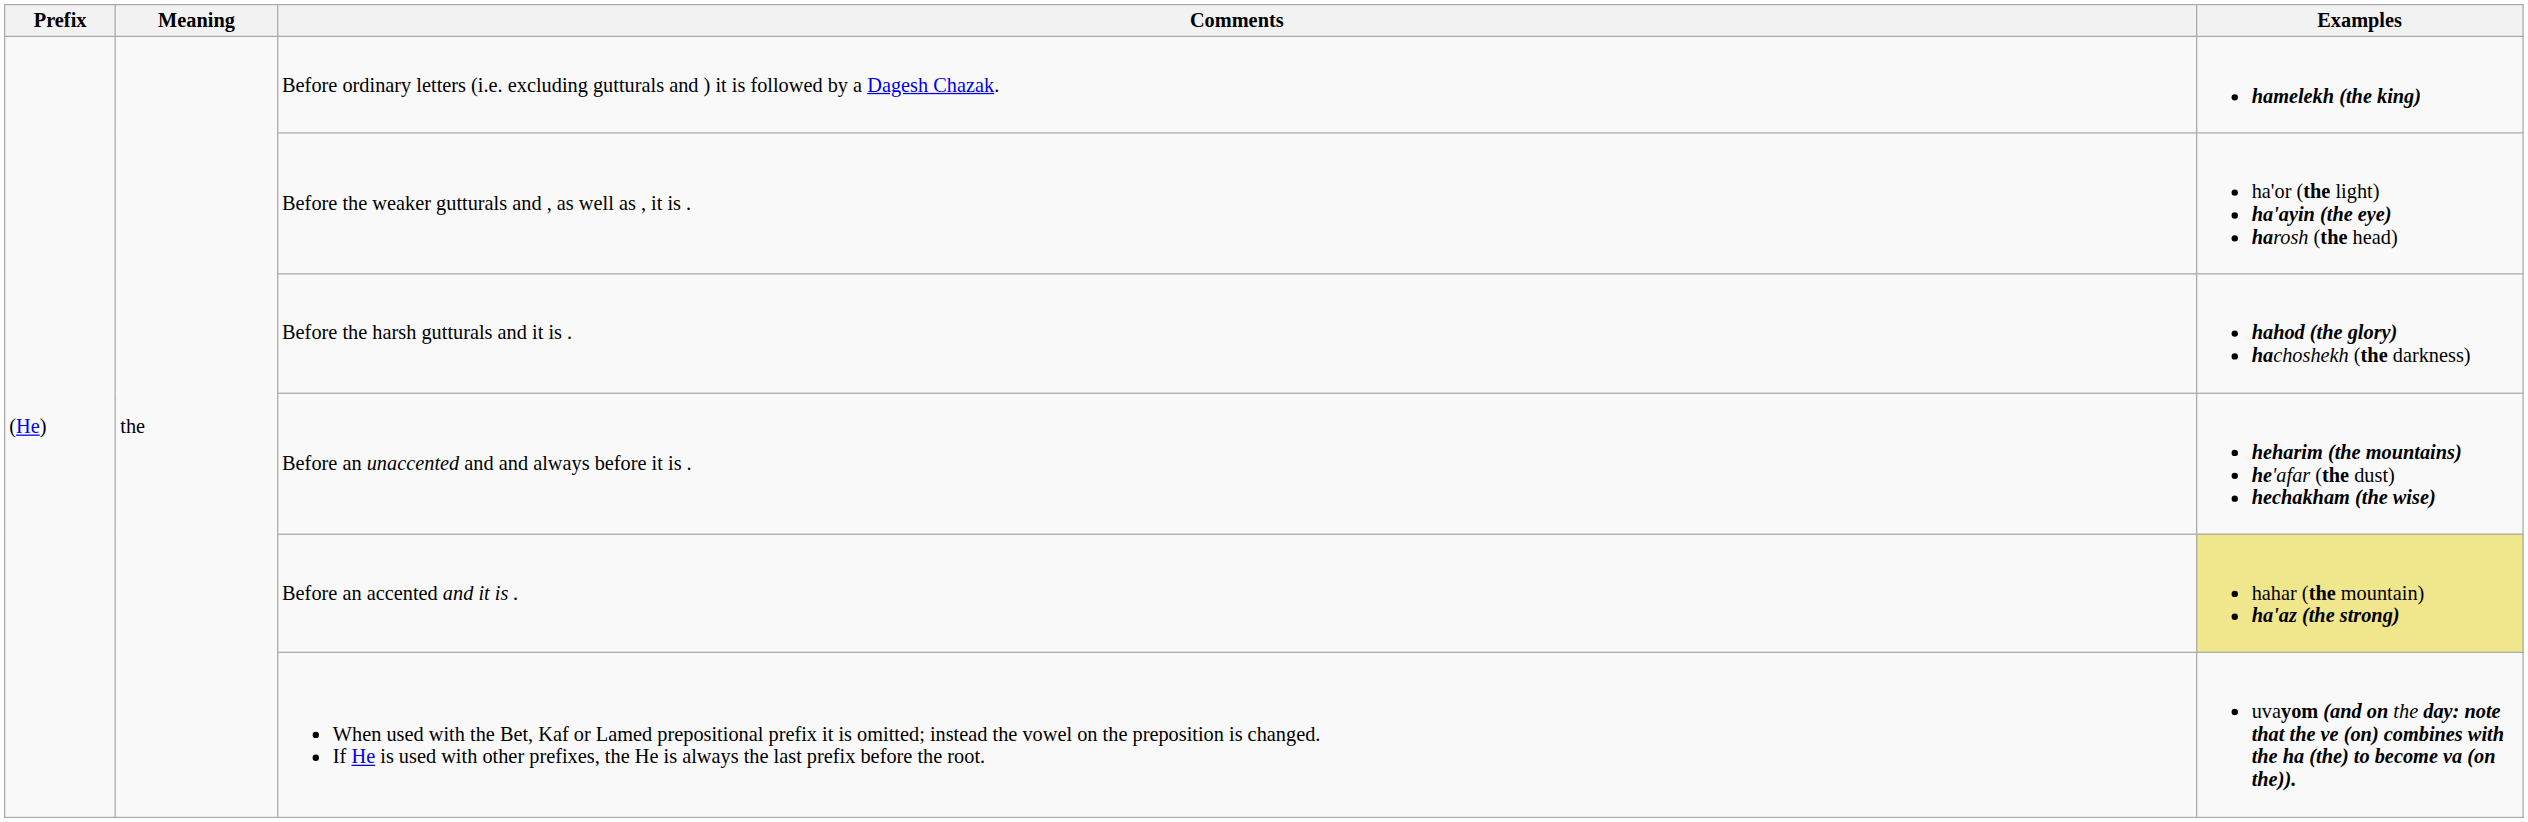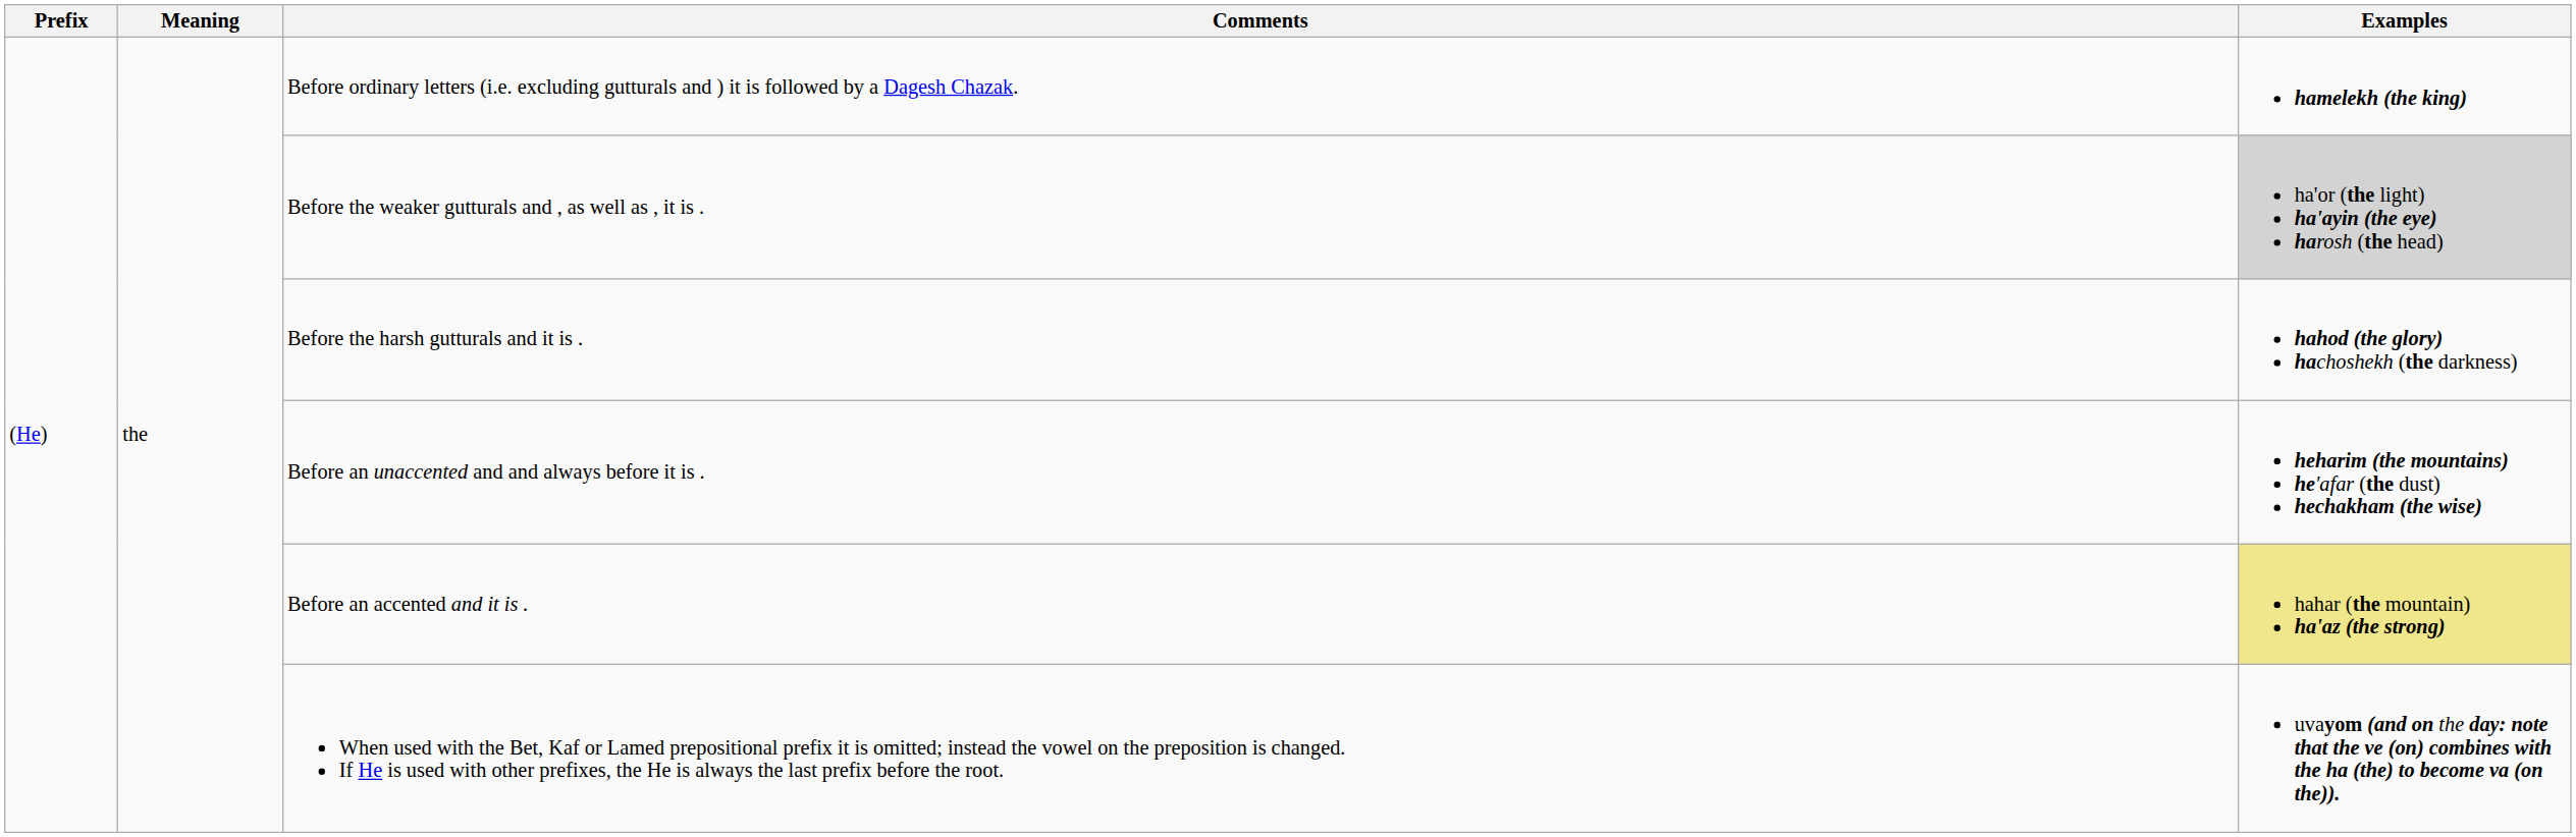 <table class="wikitable" style="width:100%;">
 <tr>
 <th width="80">Prefix</th>
 <th width="120">Meaning</th>
 <th>Comments</th>
 <th width="250">Examples</th>
 </tr>
 <tr style="height:50px">
 <td rowspan="6"> (<a href='#'>He</a>)</td>
 <td rowspan="6">the</td>
 <td>Before ordinary letters (i.e. excluding gutturals and ) it is  followed by a <a href='#'>Dagesh Chazak</a>.</td>
 <td><br><ul><li> <strong><em>ha<strong>melekh<em> (</strong>the<strong> king)</li></ul></td>
 </tr>
 <tr style="height:50px">
 <td>Before the weaker gutturals  and , as well as , it is .</td>
-<td><br><ul><li> </em></strong>ha</strong>'or</em> (<strong>the</strong> light)</li><li> <strong><em>ha<strong>'ayin<em> (</strong>the<strong> eye)</li><li> </em></strong>ha</strong>rosh</em> (<strong>the</strong> head)</li></ul></td>
+<td style="background: lightgrey;"><br><ul><li> </em></strong>ha</strong>'or</em> (<strong>the</strong> light)</li><li> <strong><em>ha<strong>'ayin<em> (</strong>the<strong> eye)</li><li> </em></strong>ha</strong>rosh</em> (<strong>the</strong> head)</li></ul></td>
 </tr>
 <tr style="height:50px">
 <td>Before the harsh gutturals  and  it is .</td>
 <td><br><ul><li> <strong><em>ha<strong>hod<em> (</strong>the<strong> glory)</li><li> </em></strong>ha</strong>choshekh</em> (<strong>the</strong> darkness)</li></ul></td>
 </tr>
 <tr style="height:50px">
 <td>Before an <em>unaccented</em>  and  and always before  it is .</td>
 <td><br><ul><li> <strong><em>he<strong>harim<em> (</strong>the<strong> mountains)</li><li> </em></strong>he</strong>'afar</em> (<strong>the</strong> dust)</li><li> <strong><em>he<strong>chakham<em> (</strong>the<strong> wise)</li></ul></td>
 </tr>
 <tr style="height:50px">
 <td>Before an </em>accented<em>  and  it is .</td>
 <td style="background: khaki;"><br><ul><li> </em></strong>ha</strong>har</em> (<strong>the</strong> mountain)</li><li> <strong><em>ha<strong>'az<em> (</strong>the<strong> strong)</li></ul></td>
 </tr>
 <tr style="height:50px">
 <td><br><ul><li>When used with the Bet, Kaf or Lamed prepositional prefix it is omitted; instead the vowel on the preposition is changed.</li><li>If <a href='#'>He</a> is used with other prefixes, the He is always the last prefix before the root.</li></ul></td>
 <td><br><ul><li>  </em>u</strong>va<strong>yom<em> (and on </strong>the<strong> day: note that the ve (on) combines with the ha (the) to become va (on the)).</li></ul></td>
 </tr>
 </table>
